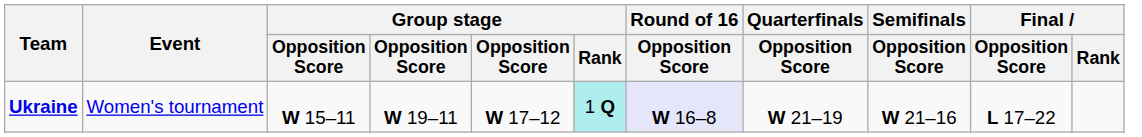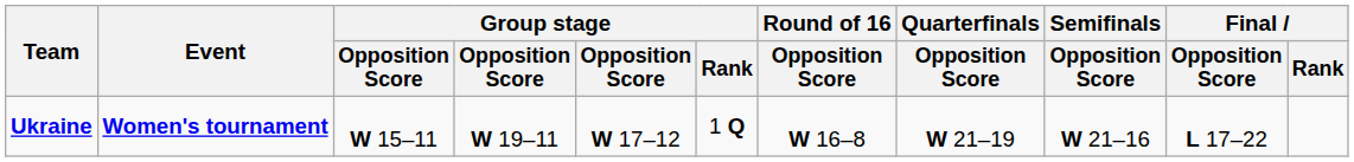 <table class="wikitable" style="text-align:center; font-size:90%">
 <tr>
 <th rowspan=2>Team</th>
 <th rowspan=2>Event</th>
 <th colspan=4>Group stage</th>
 <th>Round of 16</th>
 <th>Quarterfinals</th>
 <th>Semifinals</th>
 <th colspan=2>Final / </th>
 </tr>
 <tr style="font-size:95%">
 <th>Opposition<br>Score</th>
 <th>Opposition<br>Score</th>
 <th>Opposition<br>Score</th>
 <th>Rank</th>
 <th>Opposition<br>Score</th>
 <th>Opposition<br>Score</th>
 <th>Opposition<br>Score</th>
 <th>Opposition<br>Score</th>
 <th>Rank</th>
 </tr>
 <tr>
 <td align=left><strong><a href='#'>Ukraine</a></strong></td>
-<td align=left><a href='#'>Women's tournament</a></td>
+<td align=left><strong><a href='#'>Women's tournament</a></strong></td>
 <td><br><strong>W</strong> 15–11</td>
 <td><br><strong>W</strong> 19–11</td>
 <td><br><strong>W</strong> 17–12</td>
-<td style="background: paleturquoise;">1 <strong>Q</strong></td>
-<td style="background: lavender;"><br><strong>W</strong> 16–8</td>
+<td>1 <strong>Q</strong></td>
+<td><br><strong>W</strong> 16–8</td>
 <td><br><strong>W</strong> 21–19</td>
 <td><br><strong>W</strong> 21–16</td>
 <td><br><strong>L</strong> 17–22</td>
 <td></td>
 </tr>
 </table>
